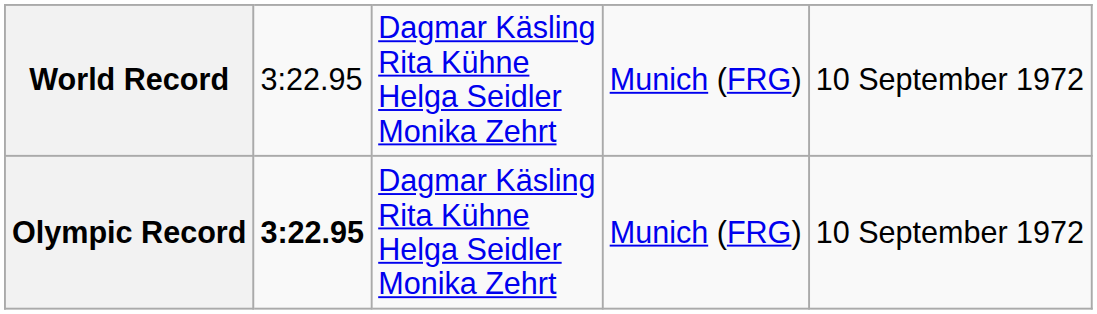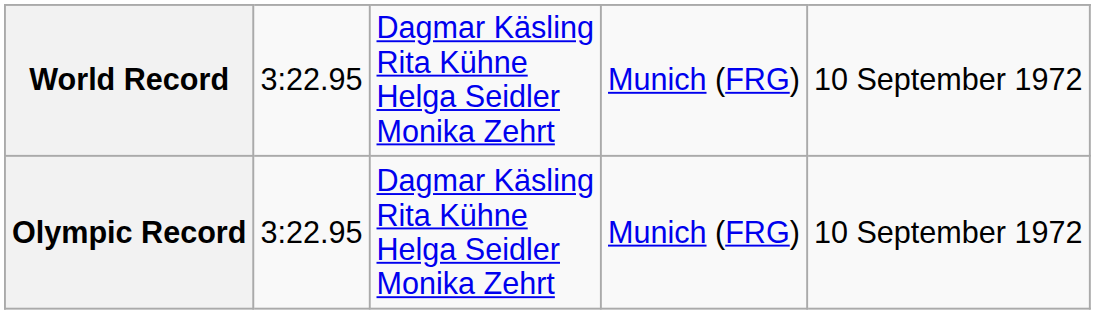 <table class="wikitable" style="text-align:left">
 <tr>
 <th>World Record</th>
 <td>3:22.95</td>
 <td> <a href='#'>Dagmar Käsling</a><br> <a href='#'>Rita Kühne</a><br> <a href='#'>Helga Seidler</a><br> <a href='#'>Monika Zehrt</a></td>
 <td><a href='#'>Munich</a> (<a href='#'>FRG</a>)</td>
 <td>10 September 1972</td>
 </tr>
 <tr>
 <th>Olympic Record</th>
-<td><strong>3:22.95</strong></td>
+<td>3:22.95</td>
 <td> <a href='#'>Dagmar Käsling</a><br> <a href='#'>Rita Kühne</a><br> <a href='#'>Helga Seidler</a><br> <a href='#'>Monika Zehrt</a></td>
 <td><a href='#'>Munich</a> (<a href='#'>FRG</a>)</td>
 <td>10 September 1972</td>
 </tr>
 </table>
